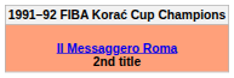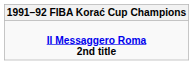 <table class=wikitable style="text-align:center; margin:auto">
 <tr>
 <th>1991–92 FIBA Korać Cup Champions</th>
 </tr>
 <tr>
-<td style="background: lightsalmon;"><br> <strong><a href='#'>Il Messaggero Roma</a></strong> <br> <strong>2nd title</strong></td>
+<td><br> <strong><a href='#'>Il Messaggero Roma</a></strong> <br> <strong>2nd title</strong></td>
 </tr>
 </table>
